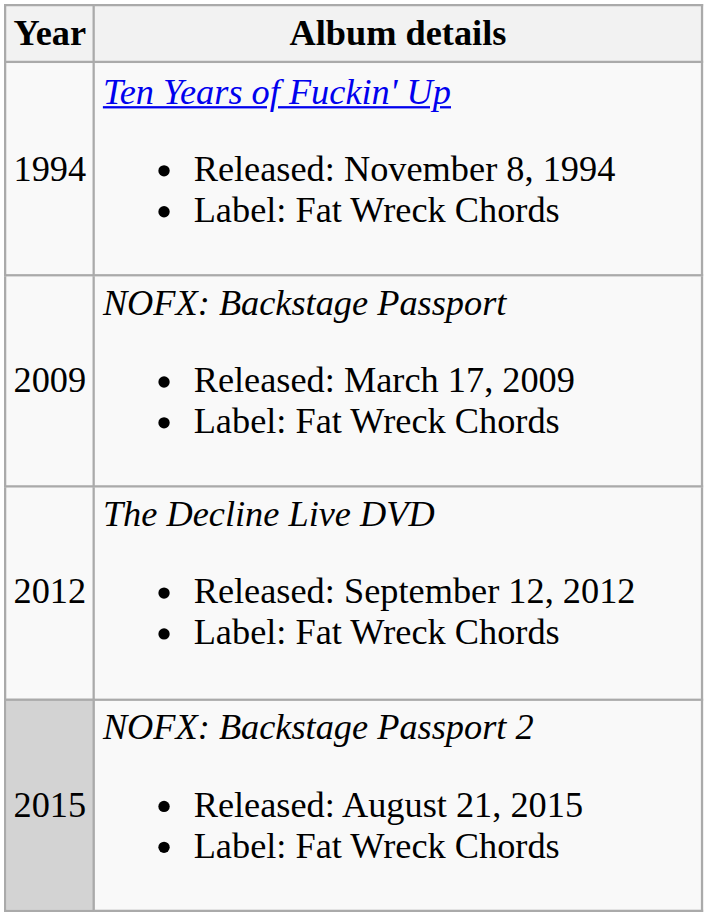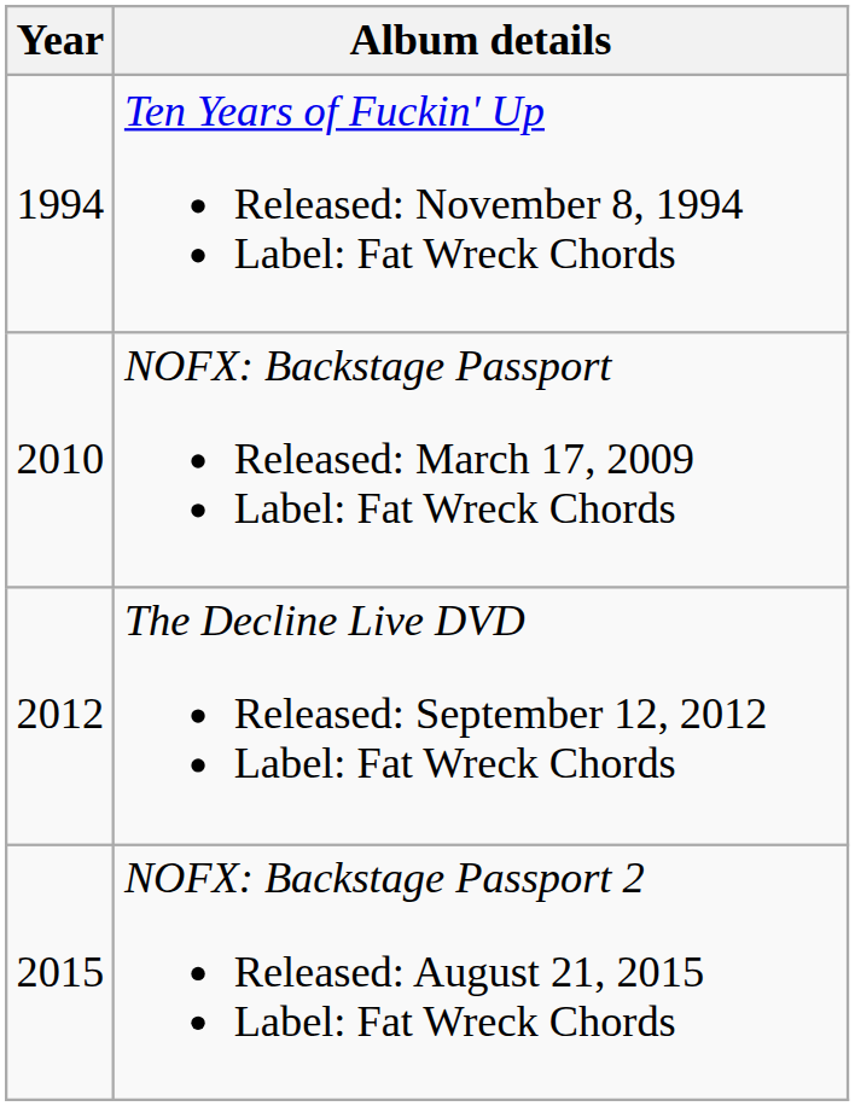 <table class="wikitable">
 <tr>
 <th>Year</th>
 <th style="width:260px;">Album details</th>
 </tr>
 <tr>
 <td>1994</td>
 <td><em><a href='#'>Ten Years of Fuckin' Up</a></em><br><ul><li>Released: November 8, 1994</li><li>Label: Fat Wreck Chords</li></ul></td>
 </tr>
 <tr>
-<td>2009</td>
+<td>2010</td>
 <td><em>NOFX: Backstage Passport</em><br><ul><li>Released: March 17, 2009</li><li>Label: Fat Wreck Chords</li></ul></td>
 </tr>
 <tr>
 <td>2012</td>
 <td><em>The Decline Live DVD</em><br><ul><li>Released: September 12, 2012</li><li>Label: Fat Wreck Chords</li></ul></td>
 </tr>
 <tr>
-<td style="background: lightgrey;">2015</td>
+<td>2015</td>
 <td><em>NOFX: Backstage Passport 2</em><br><ul><li>Released: August 21, 2015</li><li>Label: Fat Wreck Chords</li></ul></td>
 </tr>
 </table>
